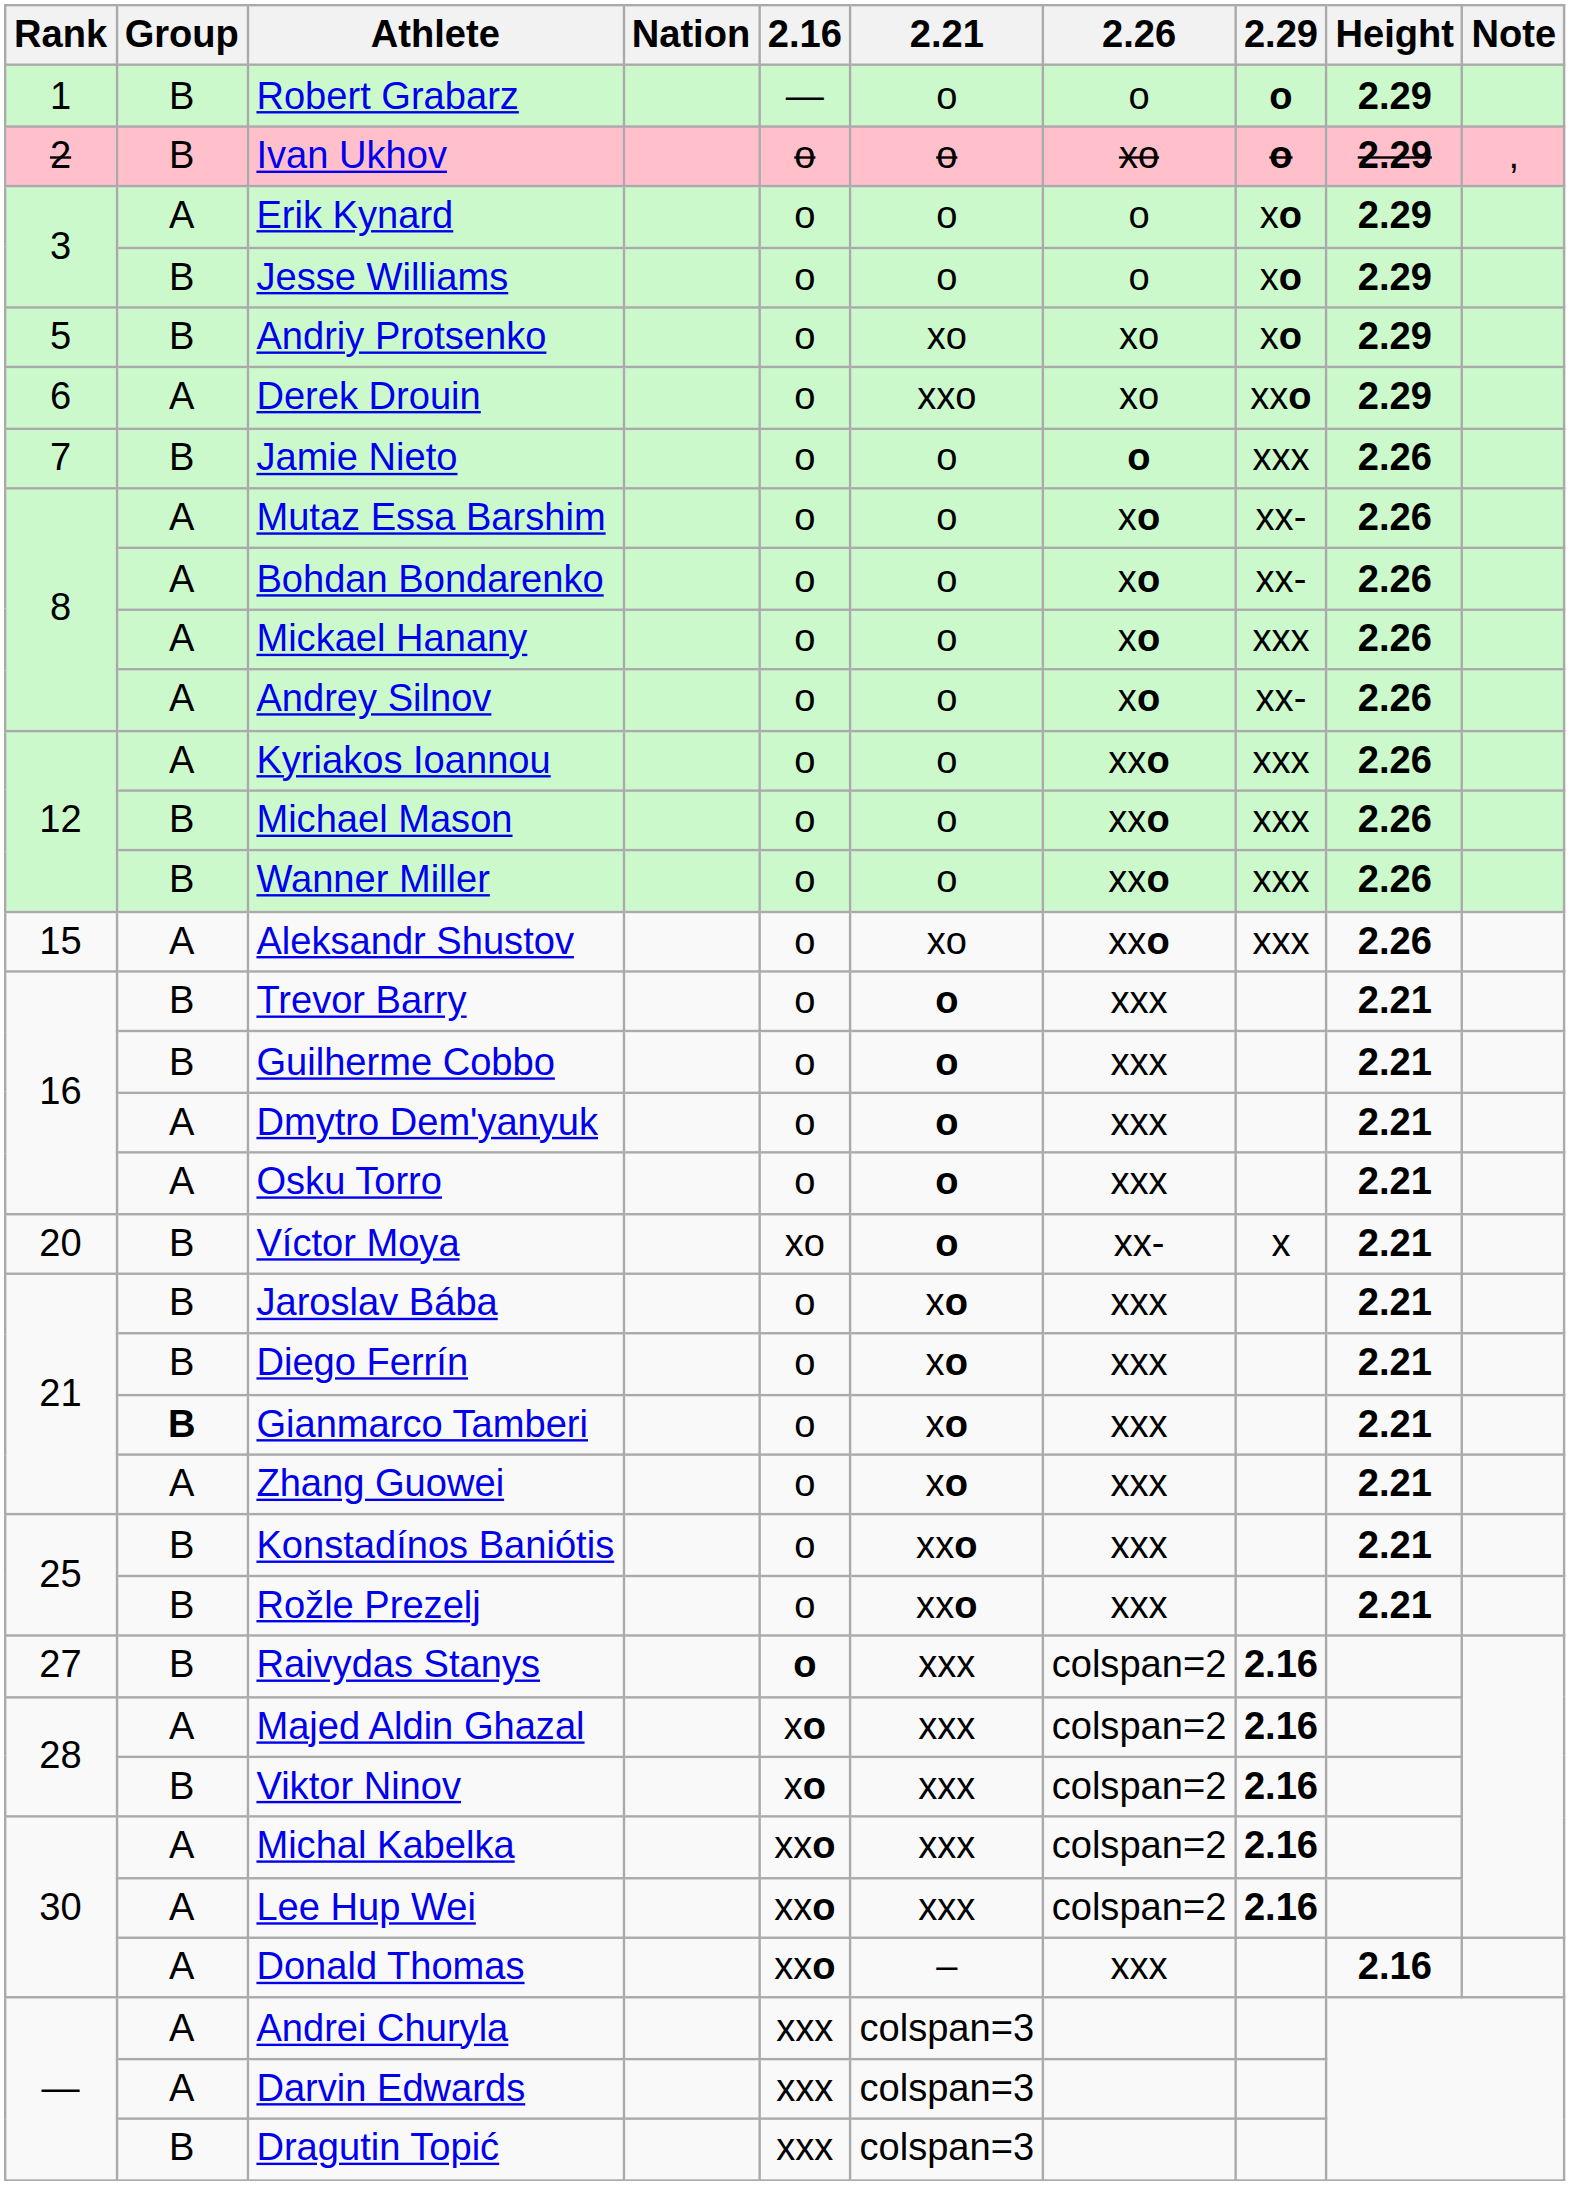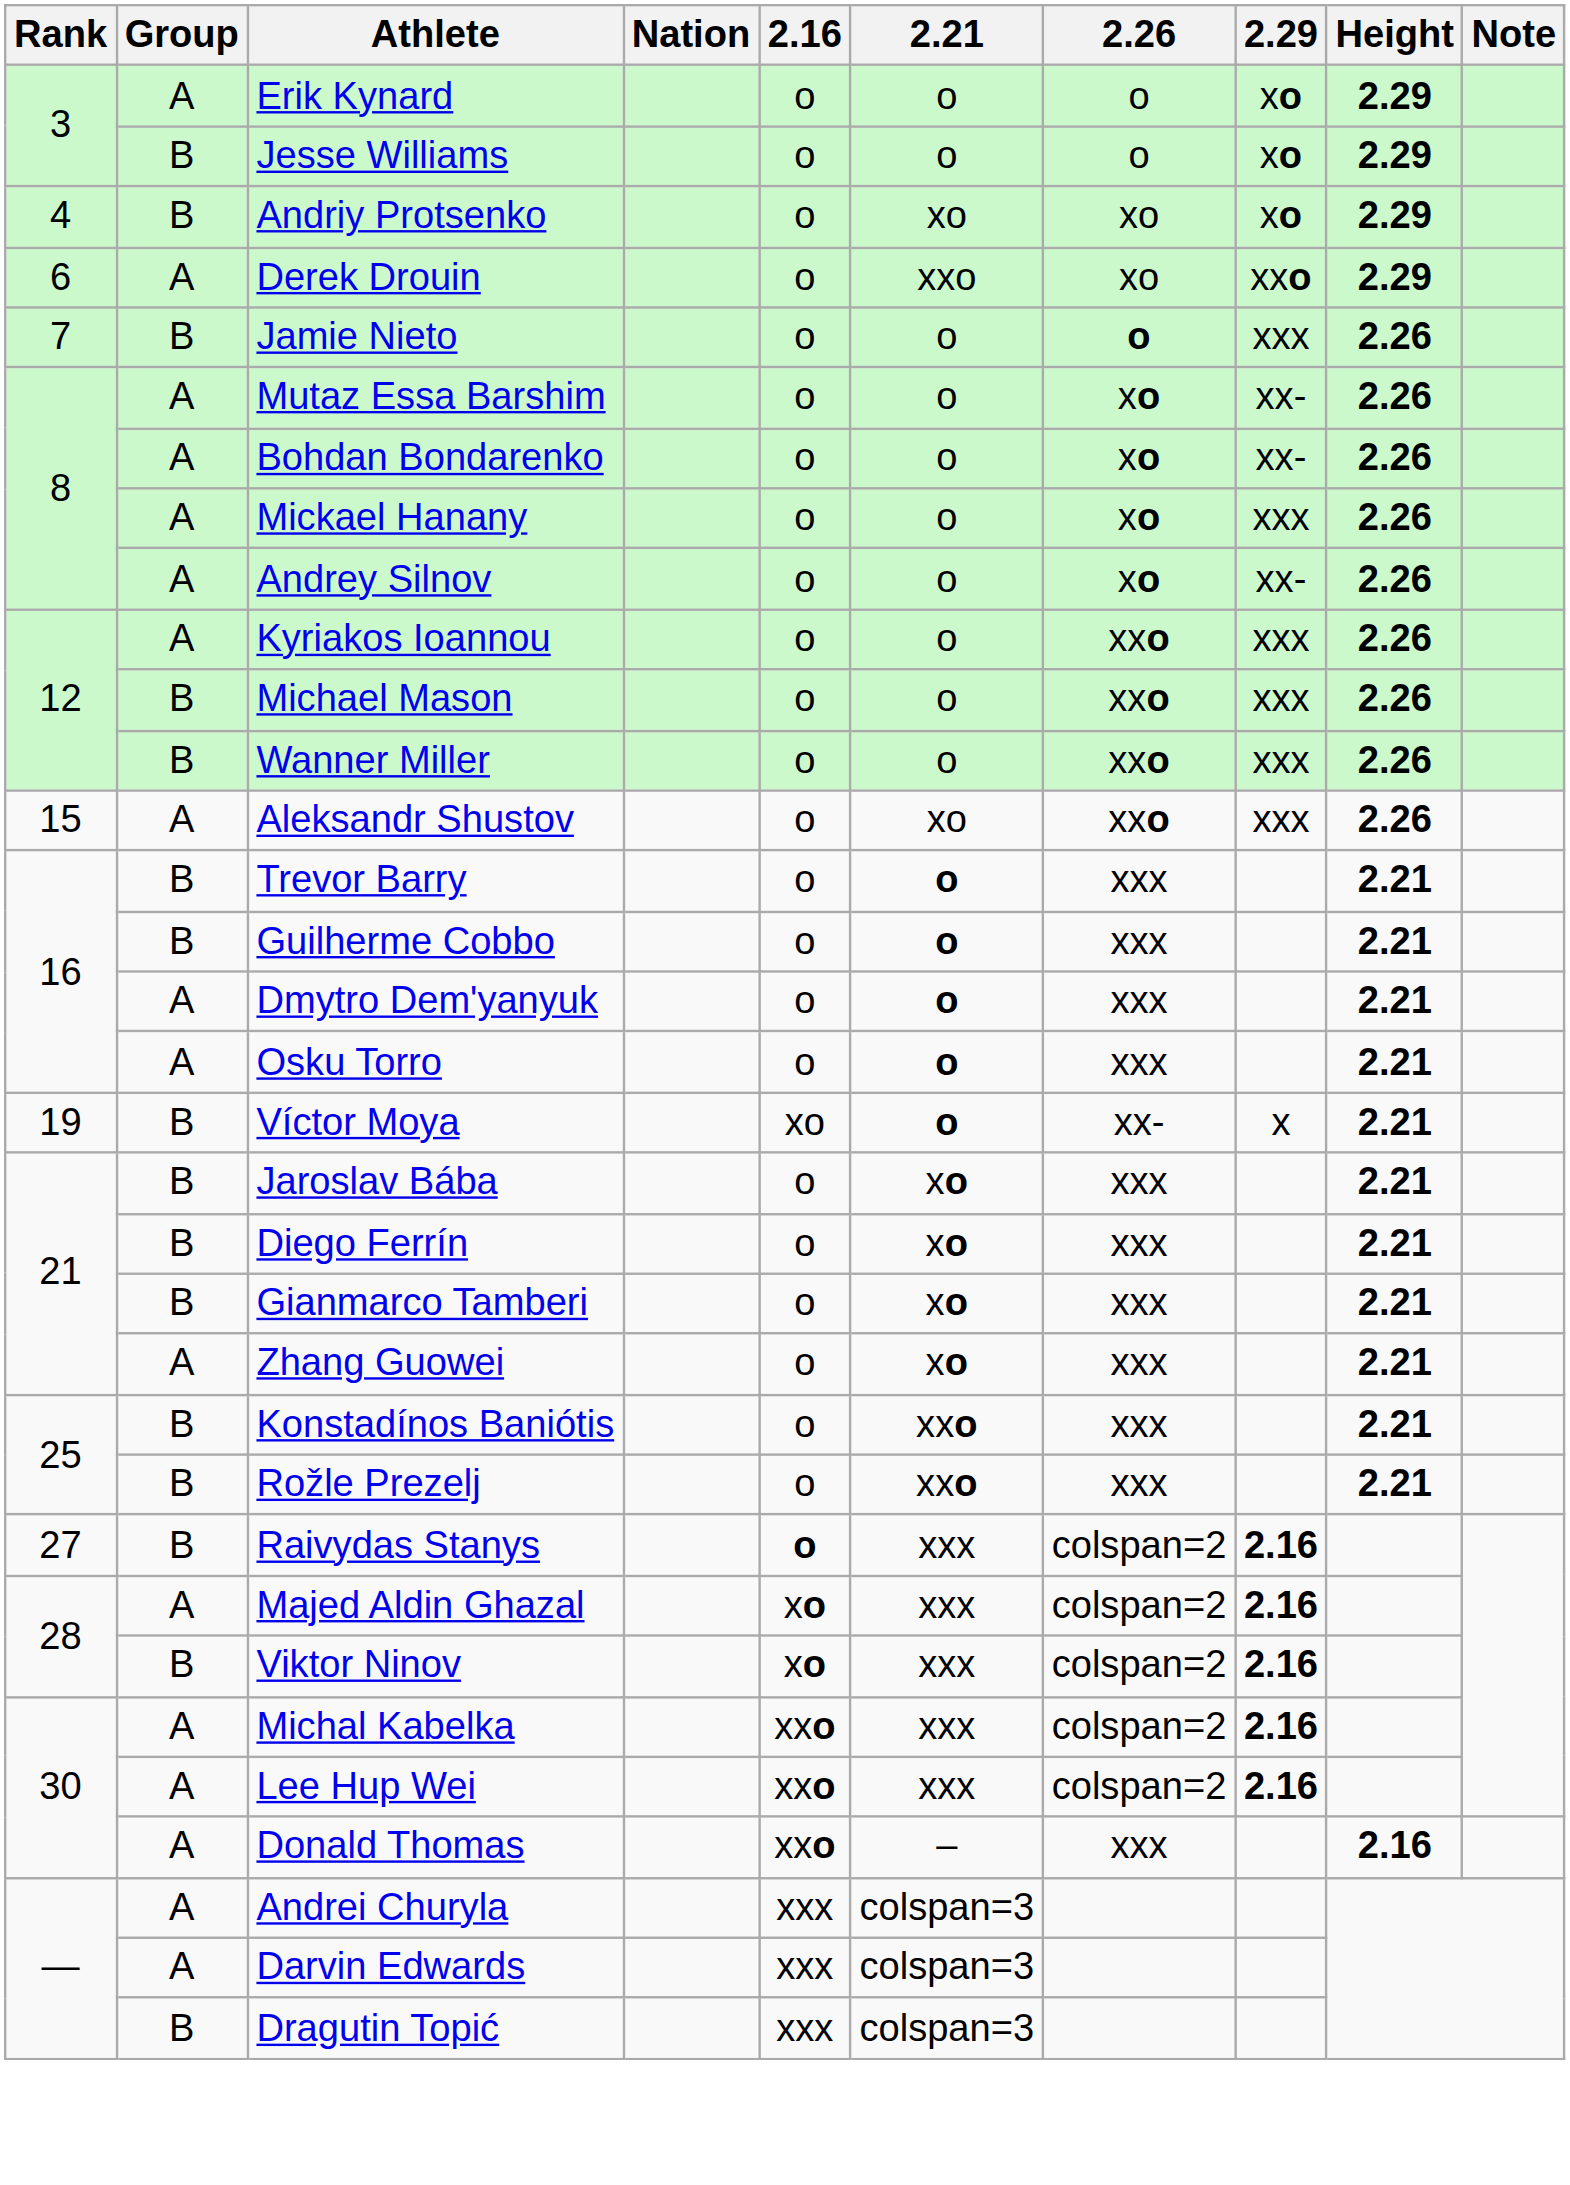 <table class="wikitable sortable" style="text-align:center">
 <tr>
 <th>Rank</th>
 <th>Group</th>
 <th>Athlete</th>
 <th>Nation</th>
 <th>2.16</th>
 <th>2.21</th>
 <th>2.26</th>
 <th>2.29</th>
 <th>Height</th>
 <th>Note</th>
-</tr>
-<tr bgcolor=ccf9cc>
-<td>1</td>
-<td>B</td>
-<td align=left><a href='#'>Robert Grabarz</a></td>
-<td align=left></td>
-<td>—</td>
-<td>o</td>
-<td>o</td>
-<td><strong>o</strong></td>
-<td><strong>2.29</strong></td>
-<td></td>
-</tr>
-<tr bgcolor=pink>
-<td><s>2</s></td>
-<td>B</td>
-<td align=left><a href='#'>Ivan Ukhov</a></td>
-<td align=left></td>
-<td><s>o</s></td>
-<td><s>o</s></td>
-<td><s>xo</s></td>
-<td><s><strong>o</strong></s></td>
-<td><s><strong>2.29</strong></s></td>
-<td>, </td>
 </tr>
 <tr bgcolor=ccf9cc>
 <td rowspan=2>3</td>
 <td>A</td>
 <td align=left><a href='#'>Erik Kynard</a></td>
 <td align=left></td>
 <td>o</td>
 <td>o</td>
 <td>o</td>
 <td>x<strong>o</strong></td>
 <td><strong>2.29</strong></td>
 <td></td>
 </tr>
 <tr bgcolor=ccf9cc>
 <td>B</td>
 <td align=left><a href='#'>Jesse Williams</a></td>
 <td align=left></td>
 <td>o</td>
 <td>o</td>
 <td>o</td>
 <td>x<strong>o</strong></td>
 <td><strong>2.29</strong></td>
 <td></td>
 </tr>
 <tr bgcolor=ccf9cc>
-<td>5</td>
+<td>4</td>
 <td>B</td>
 <td align=left><a href='#'>Andriy Protsenko</a></td>
 <td align=left></td>
 <td>o</td>
 <td>xo</td>
 <td>xo</td>
 <td>x<strong>o</strong></td>
 <td><strong>2.29</strong></td>
 <td></td>
 </tr>
 <tr bgcolor=ccf9cc>
 <td>6</td>
 <td>A</td>
 <td align=left><a href='#'>Derek Drouin</a></td>
 <td align=left></td>
 <td>o</td>
 <td>xxo</td>
 <td>xo</td>
 <td>xx<strong>o</strong></td>
 <td><strong>2.29</strong></td>
 <td></td>
 </tr>
 <tr bgcolor=ccf9cc>
 <td>7</td>
 <td>B</td>
 <td align=left><a href='#'>Jamie Nieto</a></td>
 <td align=left></td>
 <td>o</td>
 <td>o</td>
 <td><strong>o</strong></td>
 <td>xxx</td>
 <td><strong>2.26</strong></td>
 <td></td>
 </tr>
 <tr bgcolor=ccf9cc>
 <td rowspan=4>8</td>
 <td>A</td>
 <td align=left><a href='#'>Mutaz Essa Barshim</a></td>
 <td align=left></td>
 <td>o</td>
 <td>o</td>
 <td>x<strong>o</strong></td>
 <td>xx-</td>
 <td><strong>2.26</strong></td>
 <td></td>
 </tr>
 <tr bgcolor=ccf9cc>
 <td>A</td>
 <td align=left><a href='#'>Bohdan Bondarenko</a></td>
 <td align=left></td>
 <td>o</td>
 <td>o</td>
 <td>x<strong>o</strong></td>
 <td>xx-</td>
 <td><strong>2.26</strong></td>
 <td></td>
 </tr>
 <tr bgcolor=ccf9cc>
 <td>A</td>
 <td align=left><a href='#'>Mickael Hanany</a></td>
 <td align=left></td>
 <td>o</td>
 <td>o</td>
 <td>x<strong>o</strong></td>
 <td>xxx</td>
 <td><strong>2.26</strong></td>
 <td></td>
 </tr>
 <tr bgcolor=ccf9cc>
 <td>A</td>
 <td align=left><a href='#'>Andrey Silnov</a></td>
 <td align=left></td>
 <td>o</td>
 <td>o</td>
 <td>x<strong>o</strong></td>
 <td>xx-</td>
 <td><strong>2.26</strong></td>
 <td></td>
 </tr>
 <tr bgcolor=ccf9cc>
 <td rowspan=3>12</td>
 <td>A</td>
 <td align=left><a href='#'>Kyriakos Ioannou</a></td>
 <td align=left></td>
 <td>o</td>
 <td>o</td>
 <td>xx<strong>o</strong></td>
 <td>xxx</td>
 <td><strong>2.26</strong></td>
 <td></td>
 </tr>
 <tr bgcolor=ccf9cc>
 <td>B</td>
 <td align=left><a href='#'>Michael Mason</a></td>
 <td align=left></td>
 <td>o</td>
 <td>o</td>
 <td>xx<strong>o</strong></td>
 <td>xxx</td>
 <td><strong>2.26</strong></td>
 <td></td>
 </tr>
 <tr bgcolor=ccf9cc>
 <td>B</td>
 <td align=left><a href='#'>Wanner Miller</a></td>
 <td align=left></td>
 <td>o</td>
 <td>o</td>
 <td>xx<strong>o</strong></td>
 <td>xxx</td>
 <td><strong>2.26</strong></td>
 <td></td>
 </tr>
 <tr>
 <td>15</td>
 <td>A</td>
 <td align=left><a href='#'>Aleksandr Shustov</a></td>
 <td align=left></td>
 <td>o</td>
 <td>xo</td>
 <td>xx<strong>o</strong></td>
 <td>xxx</td>
 <td><strong>2.26</strong></td>
 <td></td>
 </tr>
 <tr>
 <td rowspan=4>16</td>
 <td>B</td>
 <td align=left><a href='#'>Trevor Barry</a></td>
 <td align=left></td>
 <td>o</td>
 <td><strong>o</strong></td>
 <td>xxx</td>
 <td></td>
 <td><strong>2.21</strong></td>
 <td></td>
 </tr>
 <tr>
 <td>B</td>
 <td align=left><a href='#'>Guilherme Cobbo</a></td>
 <td align=left></td>
 <td>o</td>
 <td><strong>o</strong></td>
 <td>xxx</td>
 <td></td>
 <td><strong>2.21</strong></td>
 <td></td>
 </tr>
 <tr>
 <td>A</td>
 <td align=left><a href='#'>Dmytro Dem'yanyuk</a></td>
 <td align=left></td>
 <td>o</td>
 <td><strong>o</strong></td>
 <td>xxx</td>
 <td></td>
 <td><strong>2.21</strong></td>
 <td></td>
 </tr>
 <tr>
 <td>A</td>
 <td align=left><a href='#'>Osku Torro</a></td>
 <td align=left></td>
 <td>o</td>
 <td><strong>o</strong></td>
 <td>xxx</td>
 <td></td>
 <td><strong>2.21</strong></td>
 <td></td>
 </tr>
 <tr>
-<td>20</td>
+<td>19</td>
 <td>B</td>
 <td align=left><a href='#'>Víctor Moya</a></td>
 <td align=left></td>
 <td>xo</td>
 <td><strong>o</strong></td>
 <td>xx-</td>
 <td>x</td>
 <td><strong>2.21</strong></td>
 <td></td>
 </tr>
 <tr>
 <td rowspan=4>21</td>
 <td>B</td>
 <td align=left><a href='#'>Jaroslav Bába</a></td>
 <td align=left></td>
 <td>o</td>
 <td>x<strong>o</strong></td>
 <td>xxx</td>
 <td></td>
 <td><strong>2.21</strong></td>
 <td></td>
 </tr>
 <tr>
 <td>B</td>
 <td align=left><a href='#'>Diego Ferrín</a></td>
 <td align=left></td>
 <td>o</td>
 <td>x<strong>o</strong></td>
 <td>xxx</td>
 <td></td>
 <td><strong>2.21</strong></td>
 <td></td>
 </tr>
 <tr>
-<td><strong>B</strong></td>
+<td>B</td>
 <td align=left><a href='#'>Gianmarco Tamberi</a></td>
 <td align=left></td>
 <td>o</td>
 <td>x<strong>o</strong></td>
 <td>xxx</td>
 <td></td>
 <td><strong>2.21</strong></td>
 <td></td>
 </tr>
 <tr>
 <td>A</td>
 <td align=left><a href='#'>Zhang Guowei</a></td>
 <td align=left></td>
 <td>o</td>
 <td>x<strong>o</strong></td>
 <td>xxx</td>
 <td></td>
 <td><strong>2.21</strong></td>
 <td></td>
 </tr>
 <tr>
 <td rowspan=2>25</td>
 <td>B</td>
 <td align=left><a href='#'>Konstadínos Baniótis</a></td>
 <td align=left></td>
 <td>o</td>
 <td>xx<strong>o</strong></td>
 <td>xxx</td>
 <td></td>
 <td><strong>2.21</strong></td>
 <td></td>
 </tr>
 <tr>
 <td>B</td>
 <td align=left><a href='#'>Rožle Prezelj</a></td>
 <td align=left></td>
 <td>o</td>
 <td>xx<strong>o</strong></td>
 <td>xxx</td>
 <td></td>
 <td><strong>2.21</strong></td>
 <td></td>
 </tr>
 <tr>
 <td>27</td>
 <td>B</td>
 <td align=left><a href='#'>Raivydas Stanys</a></td>
 <td align=left></td>
 <td><strong>o</strong></td>
 <td>xxx</td>
 <td>colspan=2 </td>
 <td><strong>2.16</strong></td>
 <td></td>
 </tr>
 <tr>
 <td rowspan=2>28</td>
 <td>A</td>
 <td align=left><a href='#'>Majed Aldin Ghazal</a></td>
 <td align=left></td>
 <td>x<strong>o</strong></td>
 <td>xxx</td>
 <td>colspan=2 </td>
 <td><strong>2.16</strong></td>
 <td></td>
 </tr>
 <tr>
 <td>B</td>
 <td align=left><a href='#'>Viktor Ninov</a></td>
 <td align=left></td>
 <td>x<strong>o</strong></td>
 <td>xxx</td>
 <td>colspan=2 </td>
 <td><strong>2.16</strong></td>
 <td></td>
 </tr>
 <tr>
 <td rowspan=3>30</td>
 <td>A</td>
 <td align=left><a href='#'>Michal Kabelka</a></td>
 <td align=left></td>
 <td>xx<strong>o</strong></td>
 <td>xxx</td>
 <td>colspan=2 </td>
 <td><strong>2.16</strong></td>
 <td></td>
 </tr>
 <tr>
 <td>A</td>
 <td align=left><a href='#'>Lee Hup Wei</a></td>
 <td align=left></td>
 <td>xx<strong>o</strong></td>
 <td>xxx</td>
 <td>colspan=2 </td>
 <td><strong>2.16</strong></td>
 <td></td>
 </tr>
 <tr>
 <td>A</td>
 <td align=left><a href='#'>Donald Thomas</a></td>
 <td align=left></td>
 <td>xx<strong>o</strong></td>
 <td>–</td>
 <td>xxx</td>
 <td></td>
 <td><strong>2.16</strong></td>
 <td></td>
 </tr>
 <tr>
 <td rowspan=3 data-sort-value=33>—</td>
 <td>A</td>
 <td align=left><a href='#'>Andrei Churyla</a></td>
 <td align=left></td>
 <td>xxx</td>
 <td>colspan=3 </td>
 <td><strong></strong></td>
 <td></td>
 </tr>
 <tr>
 <td>A</td>
 <td align=left><a href='#'>Darvin Edwards</a></td>
 <td align=left></td>
 <td>xxx</td>
 <td>colspan=3 </td>
 <td><strong></strong></td>
 <td></td>
 </tr>
 <tr>
 <td>B</td>
 <td align=left><a href='#'>Dragutin Topić</a></td>
 <td align=left></td>
 <td>xxx</td>
 <td>colspan=3 </td>
 <td><strong></strong></td>
 <td></td>
 </tr>
 </table>
